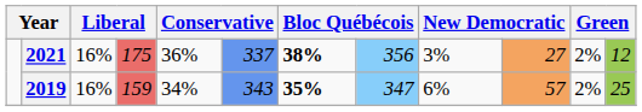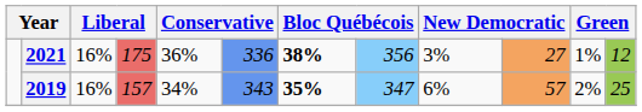 <table class="wikitable" style="float:right; width:400; font-size:90%; margin-left:1em;">
 <tr>
 <th colspan="2" scope="col">Year</th>
 <th colspan="2" scope="col"><a href='#'>Liberal</a></th>
 <th colspan="2" scope="col"><a href='#'>Conservative</a></th>
 <th colspan="2" scope="col"><a href='#'>Bloc Québécois</a></th>
 <th colspan="2" scope="col"><a href='#'>New Democratic</a></th>
 <th colspan="2" scope="col"><a href='#'>Green</a></th>
 </tr>
 <tr>
 <td rowspan="2" style="width: 0.25em; background-color: "></td>
 <th><a href='#'>2021</a></th>
 <td>16%</td>
 <td style="text-align:right; background:#EA6D6A;"><em>175</em></td>
 <td>36%</td>
-<td style="text-align:right; background:#6495ED;"><em>337</em></td>
+<td style="text-align:right; background:#6495ED;"><em>336</em></td>
 <td><strong>38%</strong></td>
 <td style="text-align:right; background:#87CEFA;"><em>356</em></td>
 <td>3%</td>
 <td style="text-align:right; background:#F4A460;"><em>27</em></td>
-<td>2%</td>
+<td>1%</td>
 <td style="text-align:right; background:#99C955;"><em>12</em></td>
 </tr>
 <tr>
 <th><a href='#'>2019</a></th>
 <td>16%</td>
-<td style="text-align:right; background:#EA6D6A;"><em>159</em></td>
+<td style="text-align:right; background:#EA6D6A;"><em>157</em></td>
 <td>34%</td>
 <td style="text-align:right; background:#6495ED;"><em>343</em></td>
 <td><strong>35%</strong></td>
 <td style="text-align:right; background:#87CEFA;"><em>347</em></td>
 <td>6%</td>
 <td style="text-align:right; background:#F4A460;"><em>57</em></td>
 <td>2%</td>
 <td style="text-align:right; background:#99C955;"><em>25</em></td>
 </tr>
 <tr>
 </tr>
 </table>
